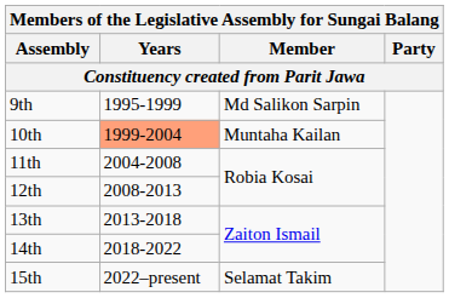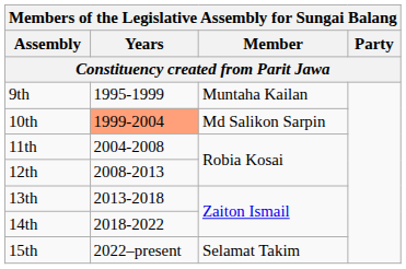 <table class=wikitable>
 <tr>
 <th colspan=4>Members of the Legislative Assembly for Sungai Balang</th>
 </tr>
 <tr>
 <th>Assembly</th>
 <th>Years</th>
 <th>Member</th>
 <th>Party</th>
 </tr>
 <tr>
 <th colspan=4 align=center><em>Constituency created from Parit Jawa</em></th>
 </tr>
 <tr>
 <td>9th</td>
 <td>1995-1999</td>
-<td>Md Salikon Sarpin</td>
+<td>Muntaha Kailan</td>
 <td rowspan="7"></td>
 </tr>
 <tr>
 <td>10th</td>
 <td style="background: lightsalmon;">1999-2004</td>
-<td>Muntaha Kailan</td>
+<td>Md Salikon Sarpin</td>
 </tr>
 <tr>
 <td>11th</td>
 <td>2004-2008</td>
 <td rowspan="2">Robia Kosai</td>
 </tr>
 <tr>
 <td>12th</td>
 <td>2008-2013</td>
 </tr>
 <tr>
 <td>13th</td>
 <td>2013-2018</td>
 <td rowspan="2"><a href='#'>Zaiton Ismail</a></td>
 </tr>
 <tr>
 <td>14th</td>
 <td>2018-2022</td>
 </tr>
 <tr>
 <td>15th</td>
 <td>2022–present</td>
 <td>Selamat Takim</td>
 </tr>
 </table>
